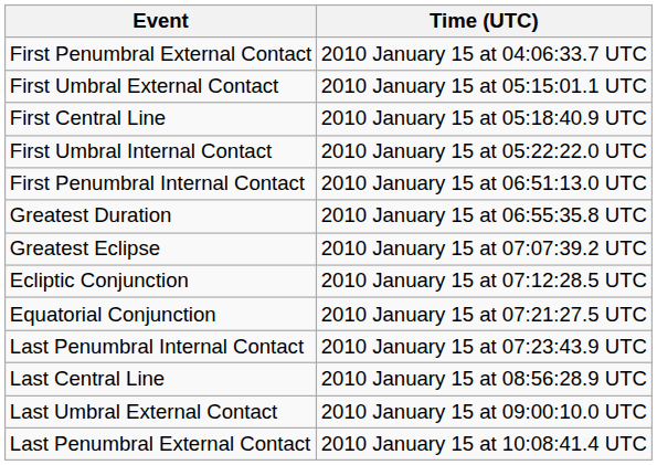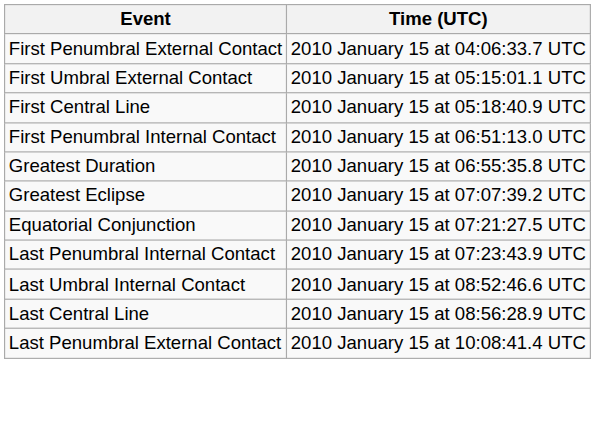 <table class="wikitable">
 <tr>
 <th>Event</th>
 <th>Time (UTC)</th>
 </tr>
 <tr>
 <td>First Penumbral External Contact</td>
 <td>2010 January 15 at 04:06:33.7 UTC</td>
 </tr>
 <tr>
 <td>First Umbral External Contact</td>
 <td>2010 January 15 at 05:15:01.1 UTC</td>
 </tr>
 <tr>
 <td>First Central Line</td>
 <td>2010 January 15 at 05:18:40.9 UTC</td>
 </tr>
 <tr>
-<td>First Umbral Internal Contact</td>
-<td>2010 January 15 at 05:22:22.0 UTC</td>
-</tr>
-<tr>
 <td>First Penumbral Internal Contact</td>
 <td>2010 January 15 at 06:51:13.0 UTC</td>
 </tr>
 <tr>
 <td>Greatest Duration</td>
 <td>2010 January 15 at 06:55:35.8 UTC</td>
 </tr>
 <tr>
 <td>Greatest Eclipse</td>
 <td>2010 January 15 at 07:07:39.2 UTC</td>
 </tr>
 <tr>
-<td>Ecliptic Conjunction</td>
-<td>2010 January 15 at 07:12:28.5 UTC</td>
-</tr>
-<tr>
 <td>Equatorial Conjunction</td>
 <td>2010 January 15 at 07:21:27.5 UTC</td>
 </tr>
 <tr>
 <td>Last Penumbral Internal Contact</td>
 <td>2010 January 15 at 07:23:43.9 UTC</td>
 </tr>
 <tr>
+<td>Last Umbral Internal Contact</td>
+<td>2010 January 15 at 08:52:46.6 UTC</td>
+</tr>
+<tr>
 <td>Last Central Line</td>
 <td>2010 January 15 at 08:56:28.9 UTC</td>
-</tr>
-<tr>
-<td>Last Umbral External Contact</td>
-<td>2010 January 15 at 09:00:10.0 UTC</td>
 </tr>
 <tr>
 <td>Last Penumbral External Contact</td>
 <td>2010 January 15 at 10:08:41.4 UTC</td>
 </tr>
 </table>
